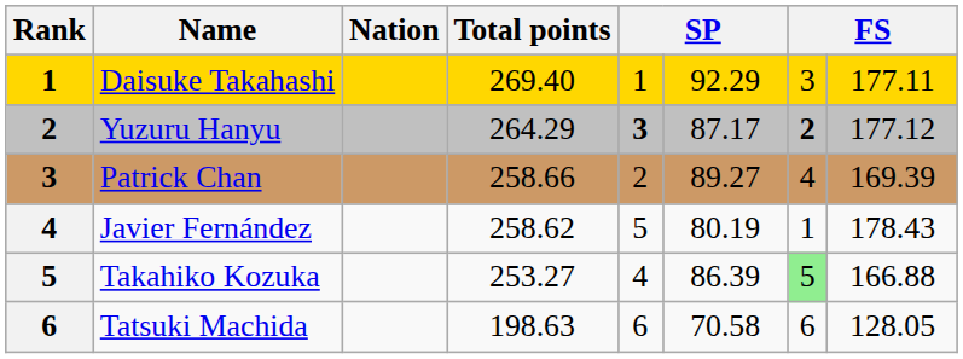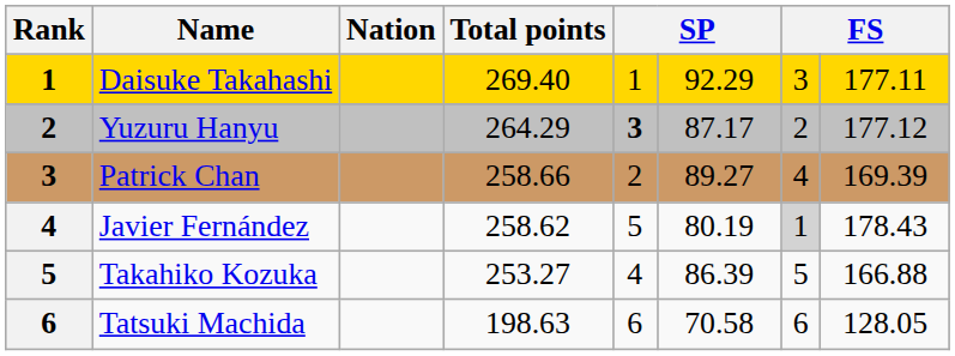 <table class="wikitable sortable">
 <tr>
 <th>Rank</th>
 <th>Name</th>
 <th>Nation</th>
 <th>Total points</th>
 <th colspan="2" width="80px"><a href='#'>SP</a></th>
 <th colspan="2" width="80px"><a href='#'>FS</a></th>
 </tr>
 <tr bgcolor="gold">
 <td align="center"><strong>1</strong></td>
 <td><a href='#'>Daisuke Takahashi</a></td>
 <td></td>
 <td align="center">269.40</td>
 <td align="center">1</td>
 <td align="center">92.29</td>
 <td align="center">3</td>
 <td align="center">177.11</td>
 </tr>
 <tr bgcolor="silver">
 <td align="center"><strong>2</strong></td>
 <td><a href='#'>Yuzuru Hanyu</a></td>
 <td></td>
 <td align="center">264.29</td>
 <td align="center"><strong>3</strong></td>
 <td align="center">87.17</td>
-<td align="center"><strong>2</strong></td>
+<td align="center">2</td>
 <td align="center">177.12</td>
 </tr>
 <tr bgcolor="cc9966">
 <td align="center"><strong>3</strong></td>
 <td><a href='#'>Patrick Chan</a></td>
 <td></td>
 <td align="center">258.66</td>
 <td align="center">2</td>
 <td align="center">89.27</td>
 <td align="center">4</td>
 <td align="center">169.39</td>
 </tr>
 <tr>
 <th>4</th>
 <td><a href='#'>Javier Fernández</a></td>
 <td></td>
 <td align="center">258.62</td>
 <td align="center">5</td>
 <td align="center">80.19</td>
-<td align="center">1</td>
+<td align="center" style="background: lightgrey;">1</td>
 <td align="center">178.43</td>
 </tr>
 <tr>
 <th>5</th>
 <td><a href='#'>Takahiko Kozuka</a></td>
 <td></td>
 <td align="center">253.27</td>
 <td align="center">4</td>
 <td align="center">86.39</td>
-<td align="center" style="background: lightgreen;">5</td>
+<td align="center">5</td>
 <td align="center">166.88</td>
 </tr>
 <tr>
 <th>6</th>
 <td><a href='#'>Tatsuki Machida</a></td>
 <td></td>
 <td align="center">198.63</td>
 <td align="center">6</td>
 <td align="center">70.58</td>
 <td align="center">6</td>
 <td align="center">128.05</td>
 </tr>
 </table>
